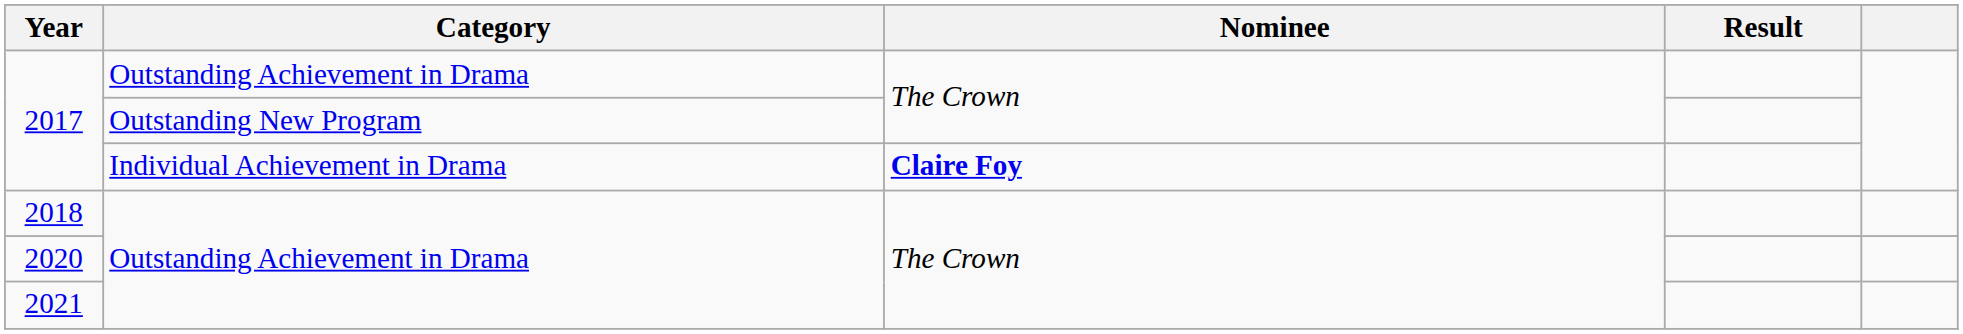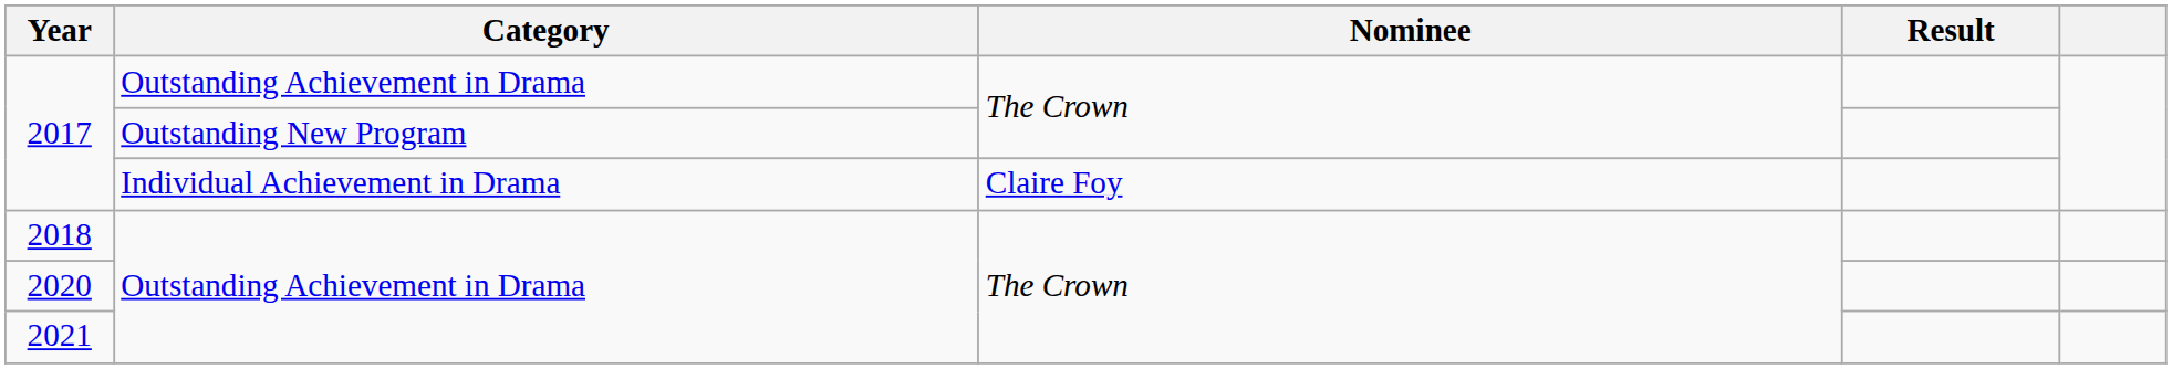 <table class="wikitable" style="width:85%;">
 <tr>
 <th width=5%>Year</th>
 <th style="width:40%;">Category</th>
 <th style="width:40%;">Nominee</th>
 <th style="width:10%;">Result</th>
 <th width=5%></th>
 </tr>
 <tr>
 <td style="text-align: center;" rowspan="3"><a href='#'>2017</a></td>
 <td><a href='#'>Outstanding Achievement in Drama</a></td>
 <td rowspan="2"><em>The Crown</em></td>
 <td></td>
 <td rowspan="3"></td>
 </tr>
 <tr>
 <td><a href='#'>Outstanding New Program</a></td>
 <td></td>
 </tr>
 <tr>
 <td><a href='#'>Individual Achievement in Drama</a></td>
-<td><strong><a href='#'>Claire Foy</a></strong></td>
+<td><a href='#'>Claire Foy</a></td>
 <td></td>
 </tr>
 <tr>
 <td style="text-align:center;"><a href='#'>2018</a></td>
 <td rowspan="3"><a href='#'>Outstanding Achievement in Drama</a></td>
 <td rowspan="3"><em>The Crown</em></td>
 <td></td>
 <td></td>
 </tr>
 <tr>
 <td style="text-align: center;"><a href='#'>2020</a></td>
 <td></td>
 <td></td>
 </tr>
 <tr>
 <td style="text-align:center;"><a href='#'>2021</a></td>
 <td></td>
 <td></td>
 </tr>
 </table>
